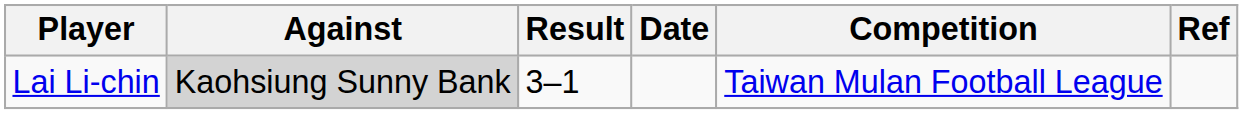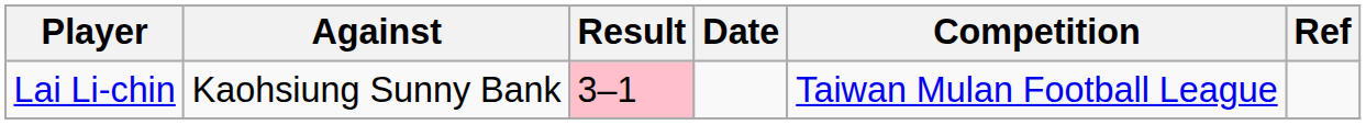 <table class="wikitable">
 <tr>
 <th>Player</th>
 <th>Against</th>
 <th>Result</th>
 <th>Date</th>
 <th>Competition</th>
 <th>Ref</th>
 </tr>
 <tr>
 <td> <a href='#'>Lai Li-chin</a></td>
-<td style="background: lightgrey;">Kaohsiung Sunny Bank</td>
-<td>3–1</td>
+<td>Kaohsiung Sunny Bank</td>
+<td style="background: pink;">3–1</td>
 <td></td>
 <td><a href='#'>Taiwan Mulan Football League</a></td>
 <td></td>
 </tr>
 <tr>
 </tr>
 </table>
